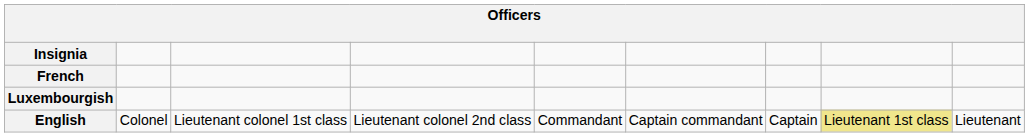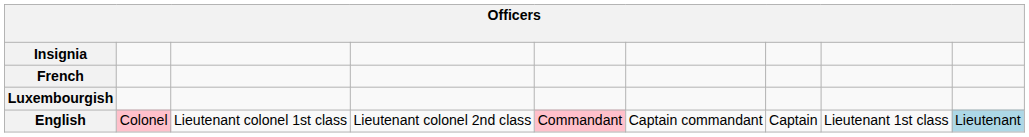 <table class="wikitable">
 <tr>
 <th colspan="10">Officers<br><br></th>
 </tr>
 <tr style="text-align:center;">
 <th>Insignia</th>
 <td></td>
 <td></td>
 <td></td>
 <td></td>
 <td></td>
 <td></td>
 <td></td>
 <td></td>
 </tr>
 <tr style="text-align:center;">
 <th>French</th>
 <td></td>
 <td></td>
 <td></td>
 <td></td>
 <td></td>
 <td></td>
 <td></td>
 <td></td>
 </tr>
 <tr style="text-align:center;">
 <th>Luxembourgish</th>
 <td></td>
 <td></td>
 <td></td>
 <td></td>
 <td></td>
 <td></td>
 <td></td>
 <td></td>
 </tr>
 <tr style="text-align:center;">
 <th>English</th>
-<td>Colonel</td>
+<td style="background: pink;">Colonel</td>
 <td>Lieutenant colonel 1st class</td>
 <td>Lieutenant colonel 2nd class</td>
-<td>Commandant</td>
+<td style="background: pink;">Commandant</td>
 <td>Captain commandant</td>
 <td>Captain</td>
-<td style="background: khaki;">Lieutenant 1st class</td>
-<td>Lieutenant</td>
+<td>Lieutenant 1st class</td>
+<td style="background: lightblue;">Lieutenant</td>
 </tr>
 </table>
